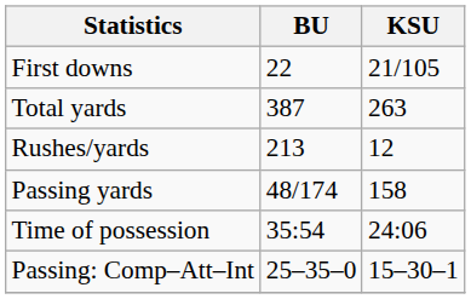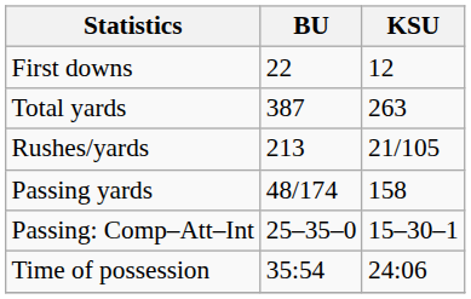 <table class="wikitable" style="float: left;">
 <tr>
 <th>Statistics</th>
 <th>BU</th>
 <th>KSU</th>
 </tr>
 <tr>
 <td>First downs</td>
 <td>22</td>
-<td>21/105</td>
+<td>12</td>
 </tr>
 <tr>
 <td>Total yards</td>
 <td>387</td>
 <td>263</td>
 </tr>
 <tr>
 <td>Rushes/yards</td>
 <td>213</td>
-<td>12</td>
+<td>21/105</td>
 </tr>
 <tr>
 <td>Passing yards</td>
 <td>48/174</td>
 <td>158</td>
 </tr>
 <tr>
+<td>Passing: Comp–Att–Int</td>
+<td>25–35–0</td>
+<td>15–30–1</td>
+</tr>
+<tr>
 <td>Time of possession</td>
 <td>35:54</td>
 <td>24:06</td>
 </tr>
 <tr>
-<td>Passing: Comp–Att–Int</td>
-<td>25–35–0</td>
-<td>15–30–1</td>
-</tr>
-<tr>
 </tr>
 </table>
